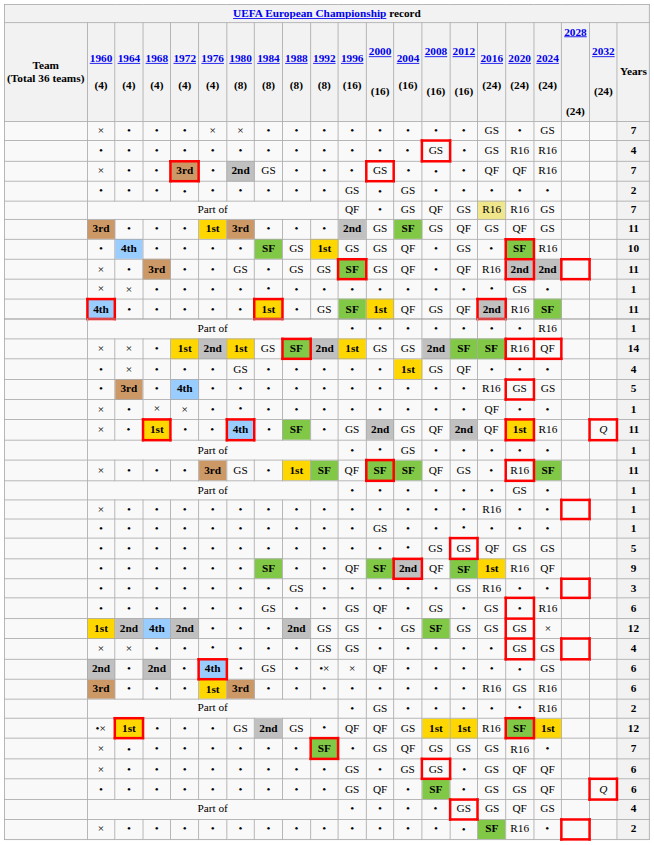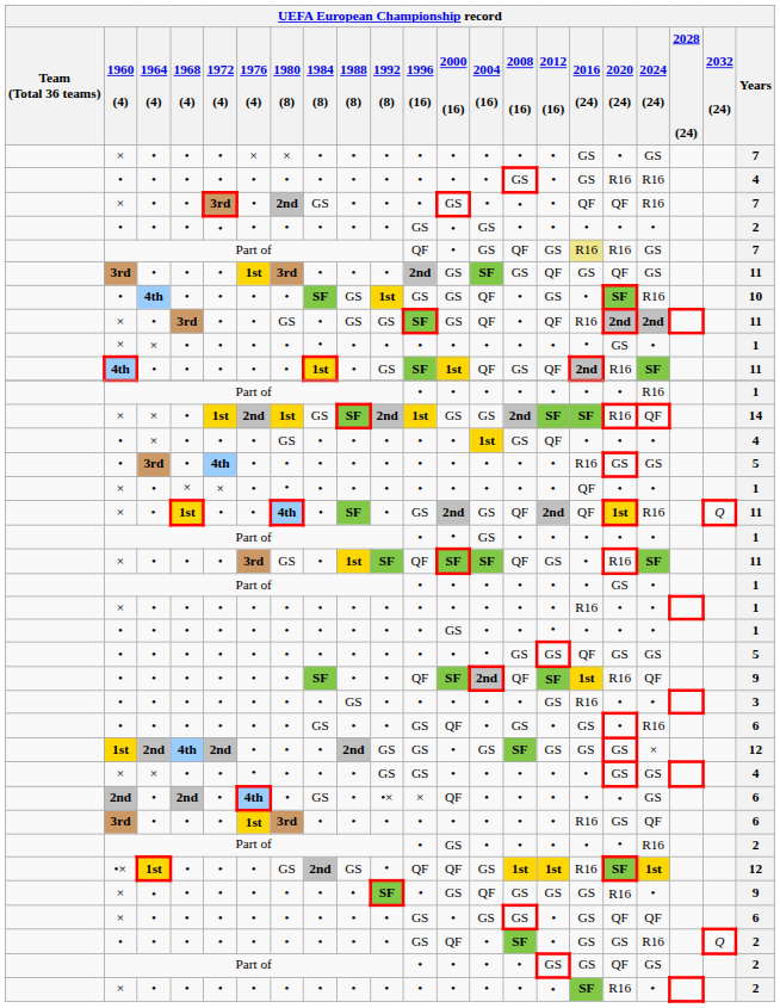 <table class="wikitable" style="text-align:center; font-size:85%;">
 <tr>
 <th colspan=39><a href='#'>UEFA European Championship</a> record</th>
 </tr>
 <tr>
 <th>Team<br>(Total 36 teams)</th>
 <th><a href='#'>1960</a><br><br>(4)</th>
 <th><a href='#'>1964</a><br> <br>(4)</th>
 <th><a href='#'>1968</a><br> <br>(4)</th>
 <th><a href='#'>1972</a><br> <br>(4)</th>
 <th><a href='#'>1976</a><br> <br>(4)</th>
 <th><a href='#'>1980</a><br> <br>(8)</th>
 <th><a href='#'>1984</a><br> <br>(8)</th>
 <th><a href='#'>1988</a><br> <br>(8)</th>
 <th><a href='#'>1992</a><br> <br>(8)</th>
 <th><a href='#'>1996</a><br> <br>(16)</th>
 <th><a href='#'>2000</a><br> <br> <br>(16)</th>
 <th><a href='#'>2004</a><br> <br>(16)</th>
 <th><a href='#'>2008</a><br> <br> <br>(16)</th>
 <th><a href='#'>2012</a><br> <br> <br>(16)</th>
 <th><a href='#'>2016</a><br> <br>(24)</th>
 <th><a href='#'>2020</a><br> <br>(24)</th>
 <th><a href='#'>2024</a><br> <br>(24)</th>
 <th><a href='#'>2028</a><br> <br> <br> <br> <br> <br>(24)</th>
 <th><a href='#'>2032</a><br> <br><br>(24)</th>
 <th>Years</th>
 </tr>
 <tr>
 <td align=left></td>
 <td>×</td>
 <td>•</td>
 <td>•</td>
 <td>•</td>
 <td>×</td>
 <td>×</td>
 <td>•</td>
 <td>•</td>
 <td>•</td>
 <td>•</td>
 <td>•</td>
 <td>•</td>
 <td>•</td>
 <td>•</td>
 <td>GS</td>
 <td>•</td>
 <td>GS</td>
 <td></td>
 <td></td>
 <th>7</th>
 </tr>
 <tr>
 <td align=left></td>
 <td>•</td>
 <td>•</td>
 <td>•</td>
 <td>•</td>
 <td>•</td>
 <td>•</td>
 <td>•</td>
 <td>•</td>
 <td>•</td>
 <td>•</td>
 <td>•</td>
 <td>•</td>
 <td style="border:3px solid red">GS</td>
 <td>•</td>
 <td>GS</td>
 <td>R16</td>
 <td>R16</td>
 <td></td>
 <td></td>
 <th>4</th>
 </tr>
 <tr>
 <td align=left></td>
 <td>×</td>
 <td>•</td>
 <td>•</td>
 <td style="border:3px solid red; background:#cc9966"><strong>3rd</strong></td>
 <td>•</td>
 <td style="background:silver"><strong>2nd</strong></td>
 <td>GS</td>
 <td>•</td>
 <td>•</td>
 <td>•</td>
 <td style="border:3px solid red">GS</td>
 <td>•</td>
 <td>•</td>
 <td>•</td>
 <td>QF</td>
 <td>QF</td>
 <td>R16</td>
 <td></td>
 <td></td>
 <th>7</th>
 </tr>
 <tr>
 <td align=left></td>
 <td>•</td>
 <td>•</td>
 <td>•</td>
 <td>•</td>
 <td>•</td>
 <td>•</td>
 <td>•</td>
 <td>•</td>
 <td>•</td>
 <td>GS</td>
 <td>•</td>
 <td>GS</td>
 <td>•</td>
 <td>•</td>
 <td>•</td>
 <td>•</td>
 <td>•</td>
 <td></td>
 <td></td>
 <th>2</th>
 </tr>
 <tr>
 <td align=left></td>
 <td colspan=9>Part of </td>
 <td>QF</td>
 <td>•</td>
 <td>GS</td>
 <td>QF</td>
 <td>GS</td>
 <td style="background: khaki;">R16</td>
 <td>R16</td>
 <td>GS</td>
 <td></td>
 <td></td>
 <th>7</th>
 </tr>
 <tr>
 <td align=left></td>
 <td style="background:#cc9966"><strong>3rd</strong></td>
 <td>•</td>
 <td>•</td>
 <td>•</td>
 <td style="background:gold"><strong>1st</strong></td>
 <td style="background:#cc9966"><strong>3rd</strong></td>
 <td>•</td>
 <td>•</td>
 <td>•</td>
 <td style="background:silver"><strong>2nd</strong></td>
 <td>GS</td>
 <td style="background:#81c846"><strong>SF</strong></td>
 <td>GS</td>
 <td>QF</td>
 <td>GS</td>
 <td>QF</td>
 <td>GS</td>
 <td></td>
 <td></td>
 <th>11</th>
 </tr>
 <tr>
 <td align=left></td>
 <td>•</td>
 <td style="background:#9acdff"><strong>4th</strong></td>
 <td>•</td>
 <td>•</td>
 <td>•</td>
 <td>•</td>
 <td style="background:#81c846"><strong>SF</strong></td>
 <td>GS</td>
 <td style="background:gold"><strong>1st</strong></td>
 <td>GS</td>
 <td>GS</td>
 <td>QF</td>
 <td>•</td>
 <td>GS</td>
 <td>•</td>
 <td style="border:3px solid red; background:#81c846"><strong>SF</strong></td>
 <td>R16</td>
 <td></td>
 <td></td>
 <th>10</th>
 </tr>
 <tr>
 <td align=left></td>
 <td>×</td>
 <td>•</td>
 <td style="background:#cc9966"><strong>3rd</strong></td>
 <td>•</td>
 <td>•</td>
 <td>GS</td>
 <td>•</td>
 <td>GS</td>
 <td>GS</td>
 <td style="border:3px solid red; background:#81c846"><strong>SF</strong></td>
 <td>GS</td>
 <td>QF</td>
 <td>•</td>
 <td>QF</td>
 <td>R16</td>
 <td style="border:3px solid red; background:silver"><strong>2nd</strong></td>
 <td style="background:silver"><strong>2nd</strong></td>
 <td style="border:3px solid red"></td>
 <td></td>
 <th>11</th>
 </tr>
 <tr>
 <td align=left></td>
 <td>×</td>
 <td>×</td>
 <td>•</td>
 <td>•</td>
 <td>•</td>
 <td>•</td>
 <td>•</td>
 <td>•</td>
 <td>•</td>
 <td>•</td>
 <td>•</td>
 <td>•</td>
 <td>•</td>
 <td>•</td>
 <td>•</td>
 <td>GS</td>
 <td>•</td>
 <td></td>
 <td></td>
 <th>1</th>
 </tr>
 <tr>
 <td align=left></td>
 <td style="border:3px solid red; background:#9acdff"><strong>4th</strong></td>
 <td>•</td>
 <td>•</td>
 <td>•</td>
 <td>•</td>
 <td>•</td>
 <td style="border:3px solid red; background:gold"><strong>1st</strong></td>
 <td>•</td>
 <td>GS</td>
 <td style="background:#81c846"><strong>SF</strong></td>
 <td style="background:gold"><strong>1st</strong></td>
 <td>QF</td>
 <td>GS</td>
 <td>QF</td>
 <td style="border:3px solid red; background:silver"><strong>2nd</strong></td>
 <td>R16</td>
 <td style="background:#81c846"><strong>SF</strong></td>
 <td></td>
 <td></td>
 <th>11</th>
 </tr>
 <tr>
 </tr>
 <tr>
 <td align=left></td>
 <td colspan=9>Part of </td>
 <td>•</td>
 <td>•</td>
 <td>•</td>
 <td>•</td>
 <td>•</td>
 <td>•</td>
 <td>•</td>
 <td>R16</td>
 <td></td>
 <td></td>
 <th>1</th>
 </tr>
 <tr>
 <td align=left></td>
 <td>×</td>
 <td>×</td>
 <td>•</td>
 <td style="background:gold"><strong>1st</strong></td>
 <td style="background:silver"><strong>2nd</strong></td>
 <td style="background:gold"><strong>1st</strong></td>
 <td>GS</td>
 <td style="border:3px solid red; background:#81c846"><strong>SF</strong></td>
 <td style="background:silver"><strong>2nd</strong></td>
 <td style="background:gold"><strong>1st</strong></td>
 <td>GS</td>
 <td>GS</td>
 <td style="background:silver"><strong>2nd</strong></td>
 <td style="background:#81c846"><strong>SF</strong></td>
 <td style="background:#81c846"><strong>SF</strong></td>
 <td style="border:3px solid red">R16</td>
 <td style="border:3px solid red">QF</td>
 <td></td>
 <td></td>
 <th>14</th>
 </tr>
 <tr>
 <td align=left></td>
 <td>•</td>
 <td>×</td>
 <td>•</td>
 <td>•</td>
 <td>•</td>
 <td>GS</td>
 <td>•</td>
 <td>•</td>
 <td>•</td>
 <td>•</td>
 <td>•</td>
 <td style="background:gold"><strong>1st</strong></td>
 <td>GS</td>
 <td>QF</td>
 <td>•</td>
 <td>•</td>
 <td>•</td>
 <td></td>
 <td></td>
 <th>4</th>
 </tr>
 <tr>
 <td align=left></td>
 <td>•</td>
 <td style="background:#cc9966"><strong>3rd</strong></td>
 <td>•</td>
 <td style="background:#9acdff"><strong>4th</strong></td>
 <td>•</td>
 <td>•</td>
 <td>•</td>
 <td>•</td>
 <td>•</td>
 <td>•</td>
 <td>•</td>
 <td>•</td>
 <td>•</td>
 <td>•</td>
 <td>R16</td>
 <td style="border:3px solid red">GS</td>
 <td>GS</td>
 <td></td>
 <td></td>
 <th>5</th>
 </tr>
 <tr>
 <td align=left></td>
 <td>×</td>
 <td>•</td>
 <td>×</td>
 <td>×</td>
 <td>•</td>
 <td>•</td>
 <td>•</td>
 <td>•</td>
 <td>•</td>
 <td>•</td>
 <td>•</td>
 <td>•</td>
 <td>•</td>
 <td>•</td>
 <td>QF</td>
 <td>•</td>
 <td>•</td>
 <td></td>
 <td></td>
 <th>1</th>
 </tr>
 <tr>
 <td align=left></td>
 <td>×</td>
 <td>•</td>
 <td style="border:3px solid red; background:gold"><strong>1st</strong></td>
 <td>•</td>
 <td>•</td>
 <td style="border:3px solid red; background:#9acdff"><strong>4th</strong></td>
 <td>•</td>
 <td style="background:#81c846"><strong>SF</strong></td>
 <td>•</td>
 <td>GS</td>
 <td style="background:silver"><strong>2nd</strong></td>
 <td>GS</td>
 <td>QF</td>
 <td style="background:silver"><strong>2nd</strong></td>
 <td>QF</td>
 <td style="border:3px solid red; background:gold"><strong>1st</strong></td>
 <td>R16</td>
 <td></td>
 <td style="border:3px solid red"><em>Q</em></td>
 <th>11</th>
 </tr>
 <tr>
 <td align=left></td>
 <td colspan=9>Part of </td>
 <td>•</td>
 <td>•</td>
 <td>GS</td>
 <td>•</td>
 <td>•</td>
 <td>•</td>
 <td>•</td>
 <td>•</td>
 <td></td>
 <td></td>
 <th>1</th>
 </tr>
 <tr>
 <td align=left></td>
 <td>×</td>
 <td>•</td>
 <td>•</td>
 <td>•</td>
 <td style="background:#cc9966"><strong>3rd</strong></td>
 <td>GS</td>
 <td>•</td>
 <td style="background:gold"><strong>1st</strong></td>
 <td style="background:#81c846"><strong>SF</strong></td>
 <td>QF</td>
 <td style="border:3px solid red; background:#81c846"><strong>SF</strong></td>
 <td style="background:#81c846"><strong>SF</strong></td>
 <td>QF</td>
 <td>GS</td>
 <td>•</td>
 <td style="border:3px solid red">R16</td>
 <td style="background:#81c846"><strong>SF</strong></td>
 <td></td>
 <td></td>
 <th>11</th>
 </tr>
 <tr>
 <td align=left></td>
 <td colspan=9>Part of </td>
 <td>•</td>
 <td>•</td>
 <td>•</td>
 <td>•</td>
 <td>•</td>
 <td>•</td>
 <td>GS</td>
 <td>•</td>
 <td></td>
 <td></td>
 <th>1</th>
 </tr>
 <tr>
 <td align=left></td>
 <td>×</td>
 <td>•</td>
 <td>•</td>
 <td>•</td>
 <td>•</td>
 <td>•</td>
 <td>•</td>
 <td>•</td>
 <td>•</td>
 <td>•</td>
 <td>•</td>
 <td>•</td>
 <td>•</td>
 <td>•</td>
 <td>R16</td>
 <td>•</td>
 <td>•</td>
 <td style="border:3px solid red"></td>
 <td></td>
 <th>1</th>
 </tr>
 <tr>
 <td align=left></td>
 <td>•</td>
 <td>•</td>
 <td>•</td>
 <td>•</td>
 <td>•</td>
 <td>•</td>
 <td>•</td>
 <td>•</td>
 <td>•</td>
 <td>•</td>
 <td>GS</td>
 <td>•</td>
 <td>•</td>
 <td>•</td>
 <td>•</td>
 <td>•</td>
 <td>•</td>
 <td></td>
 <td></td>
 <th>1</th>
 </tr>
 <tr>
 <td align=left></td>
 <td>•</td>
 <td>•</td>
 <td>•</td>
 <td>•</td>
 <td>•</td>
 <td>•</td>
 <td>•</td>
 <td>•</td>
 <td>•</td>
 <td>•</td>
 <td>•</td>
 <td>•</td>
 <td>GS</td>
 <td style="border:3px solid red">GS</td>
 <td>QF</td>
 <td>GS</td>
 <td>GS</td>
 <td></td>
 <td></td>
 <th>5</th>
 </tr>
 <tr>
 <td align=left></td>
 <td>•</td>
 <td>•</td>
 <td>•</td>
 <td>•</td>
 <td>•</td>
 <td>•</td>
 <td style="background:#81c846"><strong>SF</strong></td>
 <td>•</td>
 <td>•</td>
 <td>QF</td>
 <td style="background:#81c846"><strong>SF</strong></td>
 <td style="border:3px solid red; background:silver"><strong>2nd</strong></td>
 <td>QF</td>
 <td style="background:#81c846"><strong>SF</strong></td>
 <td style="background:gold"><strong>1st</strong></td>
 <td>R16</td>
 <td>QF</td>
 <td></td>
 <td></td>
 <th>9</th>
 </tr>
 <tr>
 <td align=left></td>
 <td>•</td>
 <td>•</td>
 <td>•</td>
 <td>•</td>
 <td>•</td>
 <td>•</td>
 <td>•</td>
 <td>GS</td>
 <td>•</td>
 <td>•</td>
 <td>•</td>
 <td>•</td>
 <td>•</td>
 <td>GS</td>
 <td>R16</td>
 <td>•</td>
 <td>•</td>
 <td style="border:3px solid red"></td>
 <td></td>
 <th>3</th>
 </tr>
 <tr>
 <td align=left></td>
 <td>•</td>
 <td>•</td>
 <td>•</td>
 <td>•</td>
 <td>•</td>
 <td>•</td>
 <td>GS</td>
 <td>•</td>
 <td>•</td>
 <td>GS</td>
 <td>QF</td>
 <td>•</td>
 <td>GS</td>
 <td>•</td>
 <td>GS</td>
 <td style="border:3px solid red">•</td>
 <td>R16</td>
 <td></td>
 <td></td>
 <th>6</th>
 </tr>
 <tr>
 <td align=left></td>
 <td style="background:gold"><strong>1st</strong></td>
 <td style="background:silver"><strong>2nd</strong></td>
 <td style="background:#9acdff"><strong>4th</strong></td>
 <td style="background:silver"><strong>2nd</strong></td>
 <td>•</td>
 <td>•</td>
 <td>•</td>
 <td style="background:silver"><strong>2nd</strong></td>
 <td>GS</td>
 <td>GS</td>
 <td>•</td>
 <td>GS</td>
 <td style="background:#81c846"><strong>SF</strong></td>
 <td>GS</td>
 <td>GS</td>
 <td style="border:3px solid red">GS</td>
 <td>×</td>
 <td></td>
 <td></td>
 <th>12</th>
 </tr>
 <tr>
 <td align=left></td>
 <td>×</td>
 <td>×</td>
 <td>•</td>
 <td>•</td>
 <td>•</td>
 <td>•</td>
 <td>•</td>
 <td>•</td>
 <td>GS</td>
 <td>GS</td>
 <td>•</td>
 <td>•</td>
 <td>•</td>
 <td>•</td>
 <td>•</td>
 <td style="border:3px solid red">GS</td>
 <td>GS</td>
 <td style="border:3px solid red"></td>
 <td></td>
 <th>4</th>
 </tr>
 <tr>
 <td align=left></td>
 <td style="background:silver"><strong>2nd</strong></td>
 <td>•</td>
 <td style="background:silver"><strong>2nd</strong></td>
 <td>•</td>
 <td style="border:3px solid red; background:#9acdff"><strong>4th</strong></td>
 <td>•</td>
 <td>GS</td>
 <td>•</td>
 <td>•×</td>
 <td>×</td>
 <td>QF</td>
 <td>•</td>
 <td>•</td>
 <td>•</td>
 <td>•</td>
 <td>•</td>
 <td>GS</td>
 <td></td>
 <td></td>
 <th>6</th>
 </tr>
 <tr>
 <td align=left></td>
 <td style="background:#cc9966"><strong>3rd</strong></td>
 <td>•</td>
 <td>•</td>
 <td>•</td>
 <td style="background:gold"><strong>1st</strong></td>
 <td style="background:#cc9966"><strong>3rd</strong></td>
 <td>•</td>
 <td>•</td>
 <td>•</td>
 <td>•</td>
 <td>•</td>
 <td>•</td>
 <td>•</td>
 <td>•</td>
 <td>R16</td>
 <td>GS</td>
-<td>R16</td>
+<td>QF</td>
 <td></td>
 <td></td>
 <th>6</th>
 </tr>
 <tr>
 <td align=left></td>
 <td colspan=9>Part of </td>
 <td>•</td>
 <td>GS</td>
 <td>•</td>
 <td>•</td>
 <td>•</td>
 <td>•</td>
 <td>•</td>
 <td>R16</td>
 <td></td>
 <td></td>
 <th>2</th>
 </tr>
 <tr>
 <td align=left></td>
 <td>•×</td>
 <td style="border:3px solid red; background:gold"><strong>1st</strong></td>
 <td>•</td>
 <td>•</td>
 <td>•</td>
 <td>GS</td>
 <td style="background:silver"><strong>2nd</strong></td>
 <td>GS</td>
 <td>•</td>
 <td>QF</td>
 <td>QF</td>
 <td>GS</td>
 <td style="background:gold"><strong>1st</strong></td>
 <td style="background:gold"><strong>1st</strong></td>
 <td>R16</td>
 <td style="border:3px solid red; background:#81c846"><strong>SF</strong></td>
 <td style="background:gold"><strong>1st</strong></td>
 <td></td>
 <td></td>
 <th>12</th>
 </tr>
 <tr>
 <td align=left></td>
 <td>×</td>
 <td>•</td>
 <td>•</td>
 <td>•</td>
 <td>•</td>
 <td>•</td>
 <td>•</td>
 <td>•</td>
 <td style="border:3px solid red; background:#81c846"><strong>SF</strong></td>
 <td>•</td>
 <td>GS</td>
 <td>QF</td>
 <td>GS</td>
 <td>GS</td>
 <td>GS</td>
 <td>R16</td>
 <td>•</td>
 <td></td>
 <td></td>
-<th>7</th>
+<th>9</th>
 </tr>
 <tr>
 <td align=left></td>
 <td>×</td>
 <td>•</td>
 <td>•</td>
 <td>•</td>
 <td>•</td>
 <td>•</td>
 <td>•</td>
 <td>•</td>
 <td>•</td>
 <td>GS</td>
 <td>•</td>
 <td>GS</td>
 <td style="border:3px solid red">GS</td>
 <td>•</td>
 <td>GS</td>
 <td>QF</td>
 <td>QF</td>
 <td></td>
 <td></td>
 <th>6</th>
 </tr>
 <tr>
 <td align=left></td>
 <td>•</td>
 <td>•</td>
 <td>•</td>
 <td>•</td>
 <td>•</td>
 <td>•</td>
 <td>•</td>
 <td>•</td>
 <td>•</td>
 <td>GS</td>
 <td>QF</td>
 <td>•</td>
 <td style="background:#81c846"><strong>SF</strong></td>
 <td>•</td>
 <td>GS</td>
 <td>GS</td>
-<td>QF</td>
+<td>R16</td>
 <td></td>
 <td style="border:3px solid red"><em>Q</em></td>
-<th>6</th>
+<th>2</th>
 </tr>
 <tr>
 <td align=left></td>
 <td colspan=9>Part of </td>
 <td>•</td>
 <td>•</td>
 <td>•</td>
 <td>•</td>
 <td style="border:3px solid red">GS</td>
 <td>GS</td>
 <td>QF</td>
 <td>GS</td>
 <td></td>
 <td></td>
-<th>4</th>
+<th>2</th>
 </tr>
 <tr>
 <td align=left></td>
 <td>×</td>
 <td>•</td>
 <td>•</td>
 <td>•</td>
 <td>•</td>
 <td>•</td>
 <td>•</td>
 <td>•</td>
 <td>•</td>
 <td>•</td>
 <td>•</td>
 <td>•</td>
 <td>•</td>
 <td>•</td>
 <td style="background:#81c846"><strong>SF</strong></td>
 <td>R16</td>
 <td>•</td>
 <td style="border:3px solid red"></td>
 <td></td>
 <th>2</th>
 </tr>
 </table>
